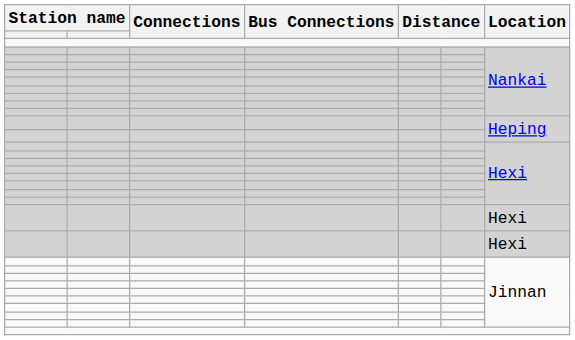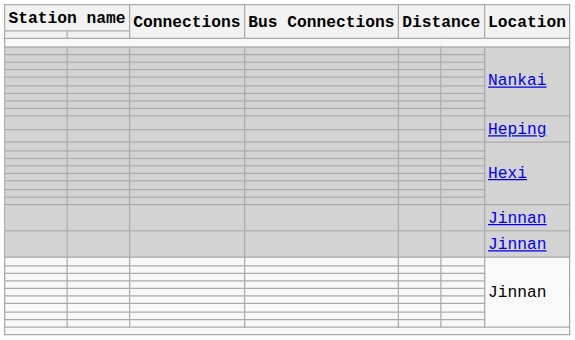 <table class="wikitable">
 <tr>
 <th colspan="2">Station name</th>
 <th rowspan="2">Connections</th>
 <th rowspan="2">Bus Connections</th>
 <th colspan="2" rowspan="2">Distance<br></th>
 <th rowspan="2">Location</th>
 </tr>
 <tr>
 <th></th>
 <th></th>
 </tr>
 <tr style="background:#">
 <td colspan="7"></td>
 </tr>
 <tr bgcolor="lightgrey">
 <td></td>
 <td></td>
 <td></td>
 <td></td>
 <td></td>
 <td></td>
 <td rowspan="9"><a href='#'>Nankai</a></td>
 </tr>
 <tr bgcolor="lightgrey">
 <td></td>
 <td></td>
 <td></td>
 <td></td>
 <td></td>
 <td></td>
 </tr>
 <tr bgcolor="lightgrey">
 <td></td>
 <td></td>
 <td></td>
 <td></td>
 <td></td>
 <td></td>
 </tr>
 <tr bgcolor="lightgrey">
 <td></td>
 <td></td>
 <td></td>
 <td></td>
 <td></td>
 <td></td>
 </tr>
 <tr bgcolor="lightgrey">
 <td></td>
 <td></td>
 <td></td>
 <td></td>
 <td></td>
 <td></td>
 </tr>
 <tr bgcolor="lightgrey">
 <td></td>
 <td></td>
 <td></td>
 <td></td>
 <td></td>
 <td></td>
 </tr>
 <tr bgcolor="lightgrey">
 <td></td>
 <td></td>
 <td></td>
 <td></td>
 <td></td>
 <td></td>
 </tr>
 <tr bgcolor="lightgrey">
 <td></td>
 <td></td>
 <td></td>
 <td></td>
 <td></td>
 <td></td>
 </tr>
 <tr bgcolor="lightgrey">
 <td></td>
 <td></td>
 <td></td>
 <td></td>
 <td></td>
 <td></td>
 </tr>
 <tr bgcolor="lightgrey">
 <td></td>
 <td></td>
 <td></td>
 <td></td>
 <td></td>
 <td></td>
 <td rowspan="2"><a href='#'>Heping</a></td>
 </tr>
 <tr bgcolor="lightgrey">
 <td></td>
 <td></td>
 <td></td>
 <td></td>
 <td></td>
 <td></td>
 </tr>
 <tr bgcolor="lightgrey">
 <td></td>
 <td></td>
 <td></td>
 <td></td>
 <td></td>
 <td></td>
 <td rowspan="8"><a href='#'>Hexi</a></td>
 </tr>
 <tr bgcolor="lightgrey">
 <td></td>
 <td></td>
 <td></td>
 <td></td>
 <td></td>
 <td></td>
 </tr>
 <tr bgcolor="lightgrey">
 <td></td>
 <td></td>
 <td> </td>
 <td></td>
 <td></td>
 <td></td>
 </tr>
 <tr bgcolor="lightgrey">
 <td></td>
 <td></td>
 <td></td>
 <td></td>
 <td></td>
 <td></td>
 </tr>
 <tr bgcolor="lightgrey">
 <td></td>
 <td></td>
 <td></td>
 <td></td>
 <td></td>
 <td></td>
 </tr>
 <tr bgcolor="lightgrey">
 <td></td>
 <td></td>
 <td></td>
 <td></td>
 <td></td>
 <td></td>
 </tr>
 <tr bgcolor="lightgrey">
 <td></td>
 <td></td>
 <td></td>
 <td></td>
 <td></td>
 <td></td>
 </tr>
 <tr bgcolor="lightgrey">
 <td></td>
 <td></td>
 <td></td>
 <td></td>
 <td></td>
 <td></td>
 </tr>
 <tr bgcolor="lightgrey">
 <td></td>
 <td></td>
 <td></td>
 <td></td>
 <td></td>
 <td></td>
-<td>Hexi</td>
+<td><a href='#'>Jinnan</a></td>
 </tr>
 <tr bgcolor="lightgrey">
 <td></td>
 <td></td>
 <td></td>
 <td></td>
 <td></td>
 <td></td>
-<td>Hexi</td>
+<td><a href='#'>Jinnan</a></td>
 </tr>
 <tr>
 <td></td>
 <td></td>
 <td></td>
 <td></td>
 <td></td>
 <td></td>
 <td rowspan="9">Jinnan</td>
 </tr>
 <tr>
 <td></td>
 <td></td>
 <td></td>
 <td></td>
 <td></td>
 <td></td>
 </tr>
 <tr>
 <td></td>
 <td></td>
 <td></td>
 <td></td>
 <td></td>
 <td></td>
 </tr>
 <tr>
 <td></td>
 <td></td>
 <td></td>
 <td></td>
 <td></td>
 <td></td>
 </tr>
 <tr>
 <td></td>
 <td></td>
 <td></td>
 <td></td>
 <td></td>
 <td></td>
 </tr>
 <tr>
 <td></td>
 <td></td>
 <td></td>
 <td></td>
 <td></td>
 <td></td>
 </tr>
 <tr>
 <td></td>
 <td></td>
 <td></td>
 <td></td>
 <td></td>
 <td></td>
 </tr>
 <tr>
 <td></td>
 <td></td>
 <td></td>
 <td></td>
 <td></td>
 <td></td>
 </tr>
 <tr>
 <td></td>
 <td></td>
 <td></td>
 <td></td>
 <td></td>
 <td></td>
 </tr>
 <tr style="background:#">
 <td colspan="7"></td>
 </tr>
 </table>
